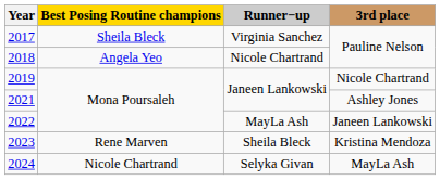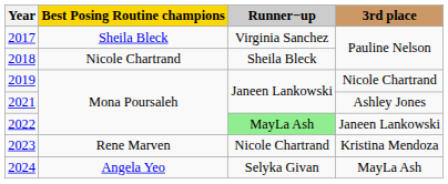 <table class="wikitable sortable" style="text-align: center">
 <tr>
 <th>Year</th>
 <th style="background-color:gold;">Best Posing Routine champions</th>
 <th style="background-color:#CCC;">Runner−up</th>
 <th style="background-color:#C96;">3rd place</th>
 </tr>
 <tr>
 <td><a href='#'>2017</a></td>
 <td> <a href='#'>Sheila Bleck</a></td>
 <td> Virginia Sanchez</td>
 <td rowspan=2 colspan=1> Pauline Nelson</td>
 </tr>
 <tr>
 <td><a href='#'>2018</a></td>
-<td> <a href='#'>Angela Yeo</a></td>
 <td> Nicole Chartrand</td>
+<td> Sheila Bleck</td>
 </tr>
 <tr>
 <td><a href='#'>2019</a></td>
 <td rowspan=3 colspan=1> Mona Poursaleh</td>
 <td rowspan=2 colspan=1> Janeen Lankowski</td>
 <td> Nicole Chartrand</td>
 </tr>
 <tr>
 <td><a href='#'>2021</a></td>
 <td> Ashley Jones</td>
 </tr>
 <tr>
 <td><a href='#'>2022</a></td>
-<td> MayLa Ash</td>
+<td style="background: lightgreen;"> MayLa Ash</td>
 <td> Janeen Lankowski</td>
 </tr>
 <tr>
 <td><a href='#'>2023</a></td>
 <td> Rene Marven</td>
-<td> Sheila Bleck</td>
+<td> Nicole Chartrand</td>
 <td> Kristina Mendoza</td>
 </tr>
 <tr>
 <td><a href='#'>2024</a></td>
-<td> Nicole Chartrand</td>
+<td> <a href='#'>Angela Yeo</a></td>
 <td> Selyka Givan</td>
 <td> MayLa Ash</td>
 </tr>
 </table>
